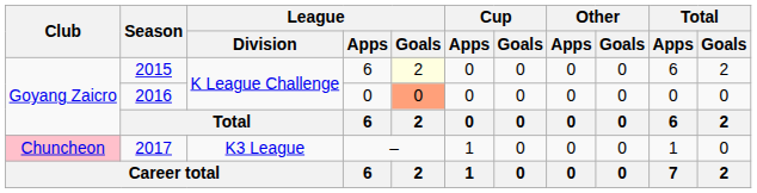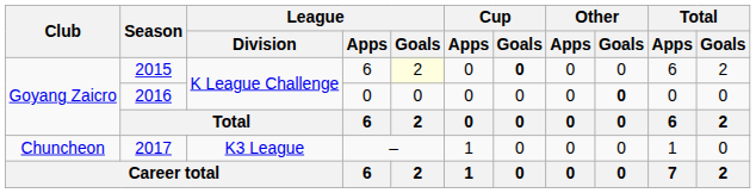 <table class="wikitable" style="text-align: center">
 <tr>
 <th rowspan="2">Club</th>
 <th rowspan="2">Season</th>
 <th colspan="3">League</th>
 <th colspan="2">Cup</th>
 <th colspan="2">Other</th>
 <th colspan="2">Total</th>
 </tr>
 <tr>
 <th>Division</th>
 <th>Apps</th>
 <th>Goals</th>
 <th>Apps</th>
 <th>Goals</th>
 <th>Apps</th>
 <th>Goals</th>
 <th>Apps</th>
 <th>Goals</th>
 </tr>
 <tr>
 <td rowspan="3"><a href='#'>Goyang Zaicro</a></td>
 <td><a href='#'>2015</a></td>
 <td rowspan="2"><a href='#'>K League Challenge</a></td>
 <td>6</td>
 <td style="background: lightyellow;">2</td>
 <td>0</td>
-<td>0</td>
+<td><strong>0</strong></td>
 <td>0</td>
 <td>0</td>
 <td>6</td>
 <td>2</td>
 </tr>
 <tr>
 <td><a href='#'>2016</a></td>
 <td>0</td>
-<td style="background: lightsalmon;">0</td>
 <td>0</td>
 <td>0</td>
 <td>0</td>
 <td>0</td>
+<td><strong>0</strong></td>
 <td>0</td>
 <td>0</td>
 </tr>
 <tr>
 <th colspan=2>Total</th>
 <th>6</th>
 <th>2</th>
 <th>0</th>
 <th>0</th>
 <th>0</th>
 <th>0</th>
 <th>6</th>
 <th>2</th>
 </tr>
 <tr>
-<td style="background: pink;"><a href='#'>Chuncheon</a></td>
+<td><a href='#'>Chuncheon</a></td>
 <td><a href='#'>2017</a></td>
 <td><a href='#'>K3 League</a></td>
 <td colspan="2">–</td>
 <td>1</td>
 <td>0</td>
 <td>0</td>
 <td>0</td>
 <td>1</td>
 <td>0</td>
 </tr>
 <tr>
 <th colspan=3>Career total</th>
 <th>6</th>
 <th>2</th>
 <th>1</th>
 <th>0</th>
 <th>0</th>
 <th>0</th>
 <th>7</th>
 <th>2</th>
 </tr>
 </table>
